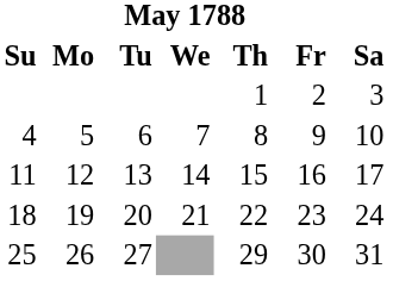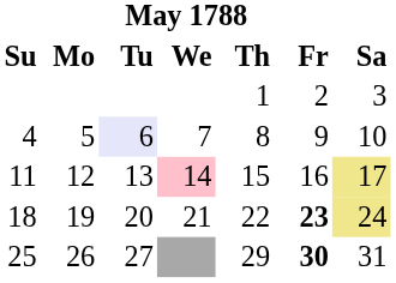 <table class="toccolours" style="text-align:right;float:left;width:14em;margin-right:1em;" cellpadding=2 cellspacing=0>
 <tr class="calendar-purple">
 <td></td>
 <th colspan="5" style="text-align: center;">May 1788</th>
 <td></td>
 </tr>
 <tr class="calendar-purple" style="border: none;">
 <th scope="col" width="14.2857%" title="Sunday">Su</th>
 <th scope="col" width="14.2857%" title="Monday">Mo</th>
 <th scope="col" width="14.2857%" title="Tuesday">Tu</th>
 <th scope="col" width="14.2857%" title="Wednesday">We</th>
 <th scope="col" width="14.2857%" title="Thursday">Th</th>
 <th scope="col" width="14.2857%" title="Friday">Fr</th>
 <th scope="col" width="14.2857%" title="Saturday">Sa</th>
 </tr>
 <tr>
 </tr>
 <tr>
 <td></td>
 <td></td>
 <td></td>
 <td></td>
 <td>1</td>
 <td>2</td>
 <td>3</td>
 </tr>
 <tr>
 <td>4</td>
 <td>5</td>
-<td>6</td>
+<td style="background: lavender;">6</td>
 <td>7</td>
 <td>8</td>
 <td>9</td>
 <td>10</td>
 </tr>
 <tr>
 <td>11</td>
 <td>12</td>
 <td>13</td>
-<td>14</td>
+<td style="background: pink;">14</td>
 <td>15</td>
 <td>16</td>
-<td>17</td>
+<td style="background: khaki;">17</td>
 </tr>
 <tr>
 <td>18</td>
 <td>19</td>
 <td>20</td>
 <td>21</td>
 <td>22</td>
-<td>23</td>
-<td>24</td>
+<td><strong>23</strong></td>
+<td style="background: khaki;">24</td>
 </tr>
 <tr>
 <td>25</td>
 <td>26</td>
 <td>27</td>
 <td style="background-color:#A8A8A8"><strong><a href='#'></a></strong></td>
 <td>29</td>
-<td>30</td>
+<td><strong>30</strong></td>
 <td>31</td>
 </tr>
 <tr>
 <td colspan=7> </td>
 </tr>
 <tr class="calendar-purple">
 </tr>
 <tr class="calendar-purple">
 </tr>
 </table>
